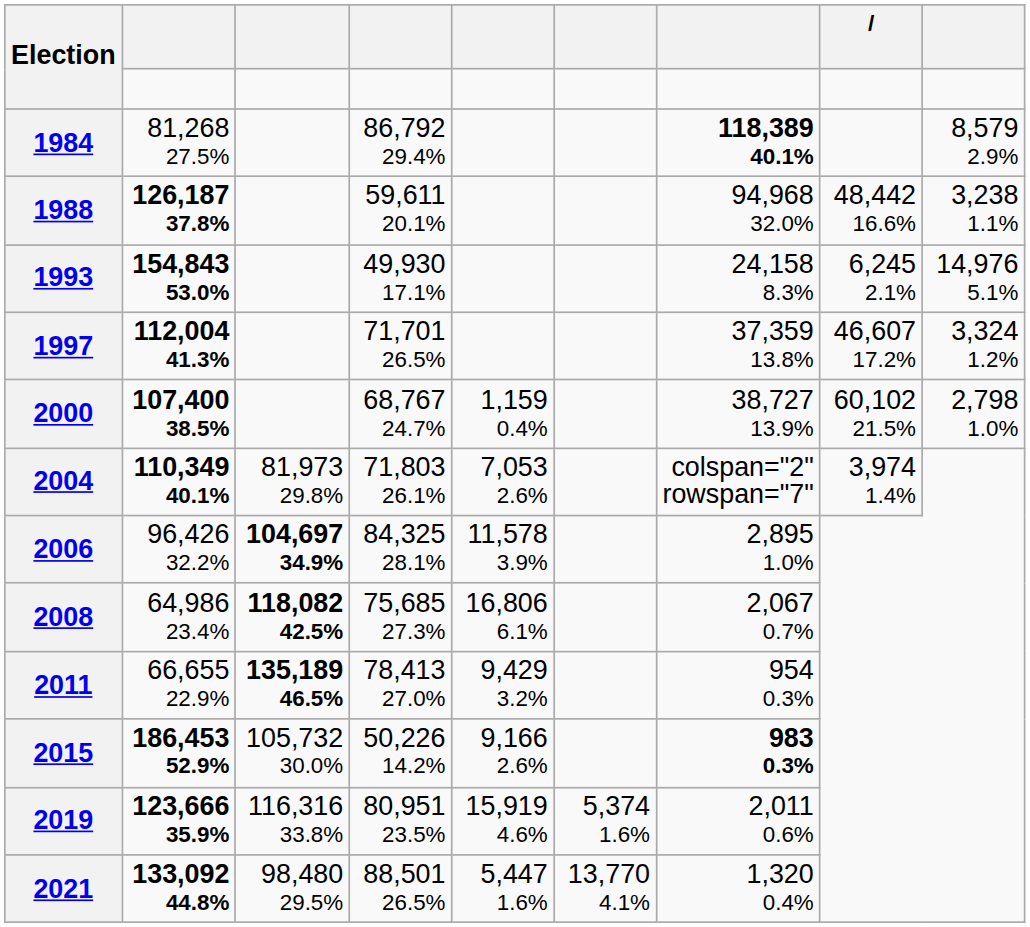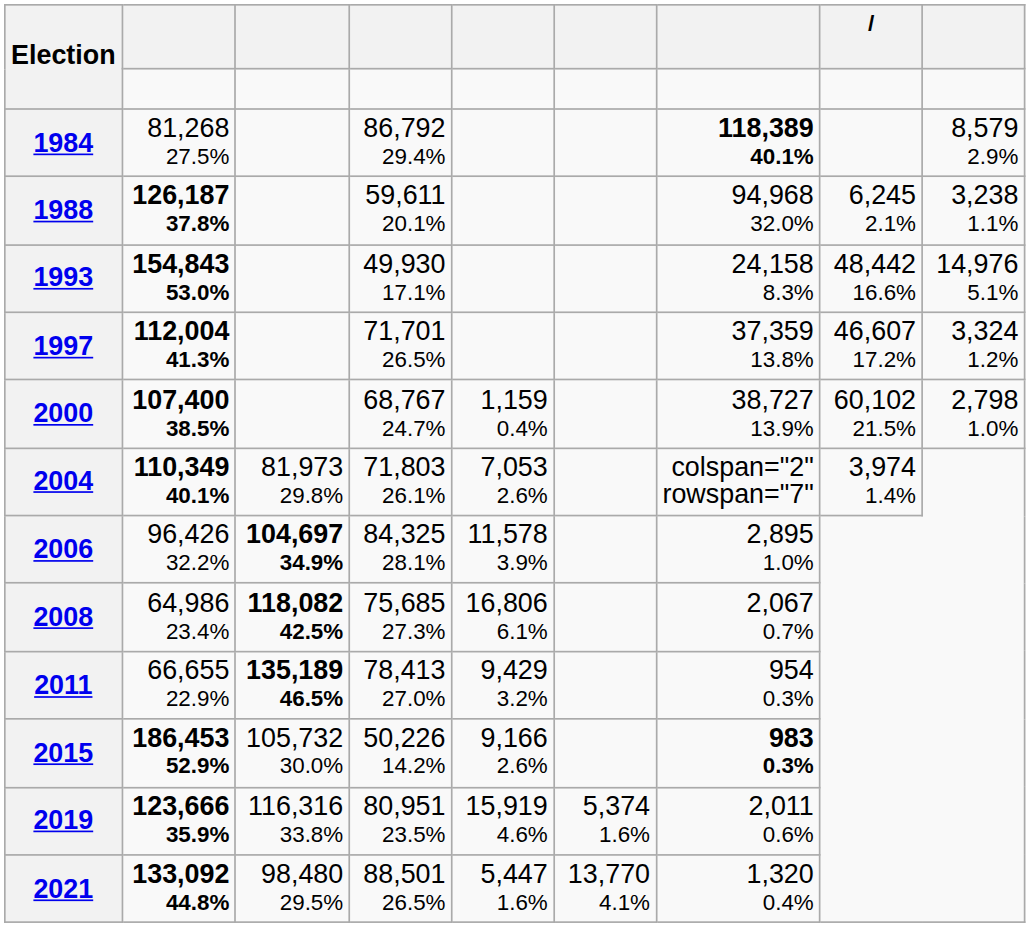 <table class="wikitable" style="text-align:right; line-height:16px">
 <tr>
 <th rowspan="2">Election</th>
 <th width="70" style="font-size:85%"></th>
 <th width="70" style="font-size:85%"></th>
 <th width="70" style="font-size:85%"></th>
 <th width="70" style="font-size:85%"></th>
 <th width="70" style="font-size:85%"></th>
 <th width="70" style="font-size:85%"></th>
 <th width="70" style="font-size:85%"> /<br><br></th>
 <th width="70" style="font-size:85%"></th>
 </tr>
 <tr>
 <td></td>
 <td></td>
 <td></td>
 <td></td>
 <td></td>
 <td></td>
 <td><br></td>
 <td></td>
 </tr>
 <tr>
 <th scope="row"><a href='#'>1984</a></th>
 <td>81,268<br><small>27.5%</small></td>
 <td></td>
 <td>86,792<br><small>29.4%</small></td>
 <td></td>
 <td></td>
 <td><strong>118,389<br><small>40.1%</small></strong></td>
 <td></td>
 <td>8,579<br><small>2.9%</small></td>
 </tr>
 <tr>
 <th scope="row"><a href='#'>1988</a></th>
 <td><strong>126,187<br><small>37.8%</small></strong></td>
 <td></td>
 <td>59,611<br><small>20.1%</small></td>
 <td></td>
 <td></td>
 <td>94,968<br><small>32.0%</small></td>
-<td>48,442<br><small>16.6%</small></td>
+<td>6,245<br><small>2.1%</small></td>
 <td>3,238<br><small>1.1%</small></td>
 </tr>
 <tr>
 <th scope="row"><a href='#'>1993</a></th>
 <td><strong>154,843<br><small>53.0%</small></strong></td>
 <td></td>
 <td>49,930<br><small>17.1%</small></td>
 <td></td>
 <td></td>
 <td>24,158<br><small>8.3%</small></td>
-<td>6,245<br><small>2.1%</small></td>
+<td>48,442<br><small>16.6%</small></td>
 <td>14,976<br><small>5.1%</small></td>
 </tr>
 <tr>
 <th scope="row"><a href='#'>1997</a></th>
 <td><strong>112,004<br><small>41.3%</small></strong></td>
 <td></td>
 <td>71,701<br><small>26.5%</small></td>
 <td></td>
 <td></td>
 <td>37,359<br><small>13.8%</small></td>
 <td>46,607<br><small>17.2%</small></td>
 <td>3,324<br><small>1.2%</small></td>
 </tr>
 <tr>
 <th scope="row"><a href='#'>2000</a></th>
 <td><strong>107,400<br><small>38.5%</small></strong></td>
 <td></td>
 <td>68,767<br><small>24.7%</small></td>
 <td>1,159<br><small>0.4%</small></td>
 <td></td>
 <td>38,727<br><small>13.9%</small></td>
 <td>60,102<br><small>21.5%</small></td>
 <td>2,798<br><small>1.0%</small></td>
 </tr>
 <tr>
 <th scope="row"><a href='#'>2004</a></th>
 <td><strong>110,349<br><small>40.1%</small></strong></td>
 <td>81,973<br><small>29.8%</small></td>
 <td>71,803<br><small>26.1%</small></td>
 <td>7,053<br><small>2.6%</small></td>
 <td></td>
 <td>colspan="2" rowspan="7" </td>
 <td>3,974<br><small>1.4%</small></td>
 </tr>
 <tr>
 <th scope="row"><a href='#'>2006</a></th>
 <td>96,426<br><small>32.2%</small></td>
 <td><strong>104,697<br><small>34.9%</small></strong></td>
 <td>84,325<br><small>28.1%</small></td>
 <td>11,578<br><small>3.9%</small></td>
 <td></td>
 <td>2,895<br><small>1.0%</small></td>
 </tr>
 <tr>
 <th scope="row"><a href='#'>2008</a></th>
 <td>64,986<br><small>23.4%</small></td>
 <td><strong>118,082<br><small>42.5%</small></strong></td>
 <td>75,685<br><small>27.3%</small></td>
 <td>16,806<br><small>6.1%</small></td>
 <td></td>
 <td>2,067<br><small>0.7%</small></td>
 </tr>
 <tr>
 <th scope="row"><a href='#'>2011</a></th>
 <td>66,655<br><small>22.9%</small></td>
 <td><strong>135,189<br><small>46.5%</small></strong></td>
 <td>78,413<br><small>27.0%</small></td>
 <td>9,429<br><small>3.2%</small></td>
 <td></td>
 <td>954<br><small>0.3%</small></td>
 </tr>
 <tr>
 <th scope="row"><a href='#'>2015</a></th>
 <td><strong>186,453<br><small>52.9%</small></strong></td>
 <td>105,732<br><small>30.0%</small></td>
 <td>50,226<br><small>14.2%</small></td>
 <td>9,166<br><small>2.6%</small></td>
 <td></td>
 <td><strong>983<br><small>0.3%</small></strong></td>
 </tr>
 <tr>
 <th scope="row"><a href='#'>2019</a></th>
 <td><strong>123,666<br><small>35.9%</small></strong></td>
 <td>116,316<br><small>33.8%</small></td>
 <td>80,951<br><small>23.5%</small></td>
 <td>15,919<br><small>4.6%</small></td>
 <td>5,374<br><small>1.6%</small></td>
 <td>2,011<br><small>0.6%</small></td>
 </tr>
 <tr>
 <th scope="row"><a href='#'>2021</a></th>
 <td><strong>133,092<br><small>44.8%</small></strong></td>
 <td>98,480<br><small>29.5%</small></td>
 <td>88,501<br><small>26.5%</small></td>
 <td>5,447<br><small>1.6%</small></td>
 <td>13,770<br><small>4.1%</small></td>
 <td>1,320<br><small>0.4%</small></td>
 </tr>
 </table>
